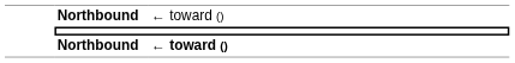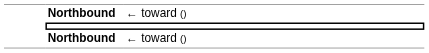 <table table border=0 cellspacing=0 cellpadding=3>
 <tr>
 <td style="border-top:solid 1px gray;border-bottom:solid 1px gray;" width=50 rowspan=3 valign=top></td>
 <td style="border-top:solid 1px gray;" width=100><strong>Northbound</strong></td>
 <td style="border-top:solid 1px gray;" width=400>←  toward  <small>()</small></td>
 </tr>
 <tr>
 <td style="border-top:solid 2px black;border-right:solid 2px black;border-left:solid 2px black;border-bottom:solid 2px black;text-align:center;" colspan=2></td>
 </tr>
 <tr>
 <td style="border-bottom:solid 1px gray;"><strong>Northbound</strong></td>
-<td style="border-bottom:solid 1px gray;"><strong>←  toward  <small>()</small></strong></td>
+<td style="border-bottom:solid 1px gray;">←  toward  <small>()</small></td>
 </tr>
 </table>
